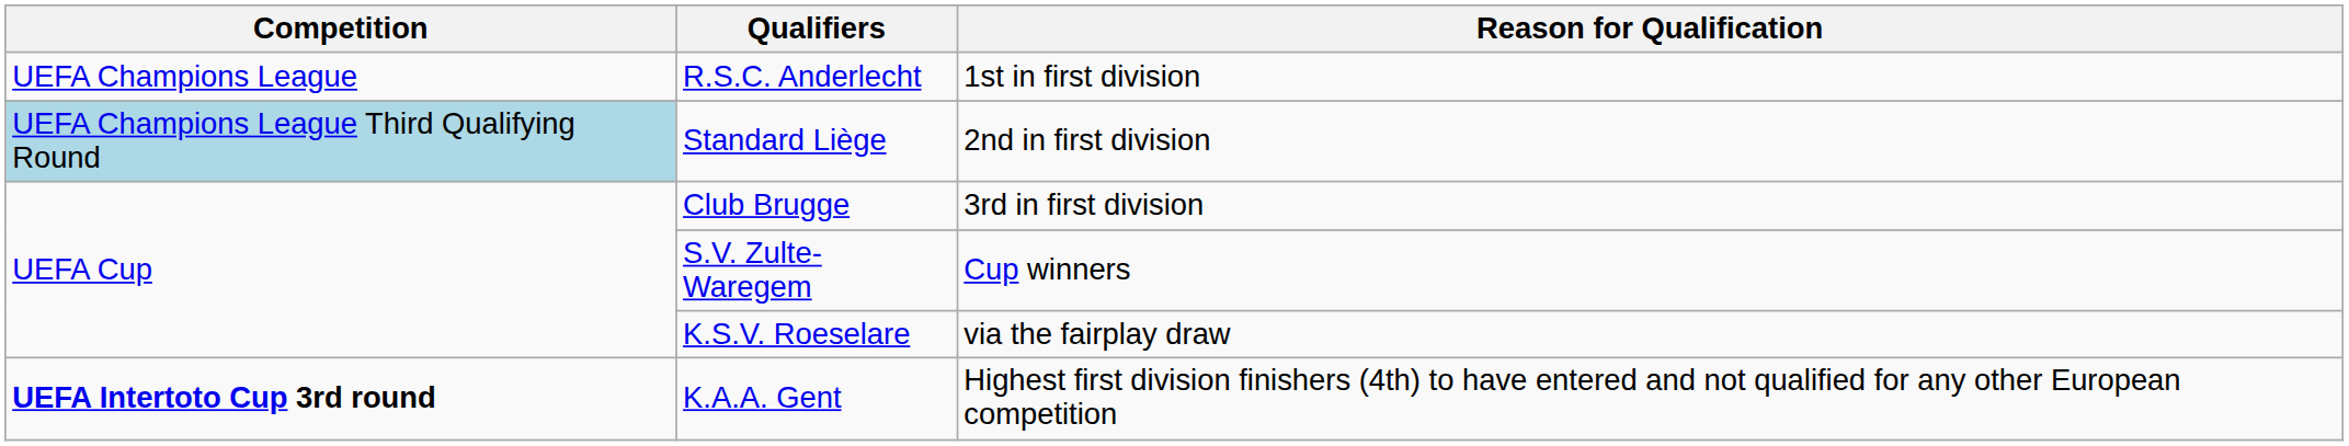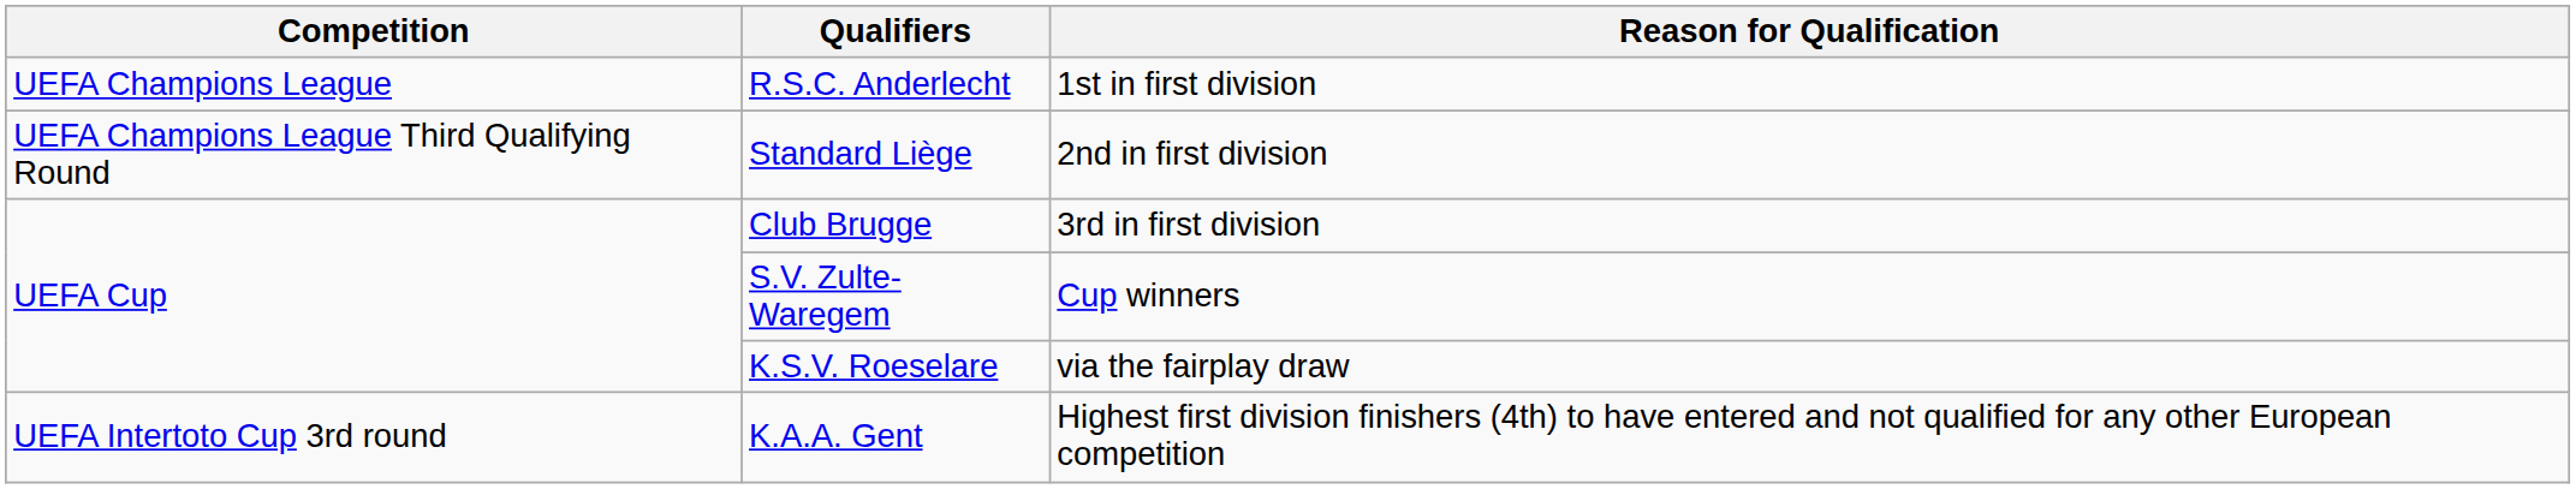 <table class="wikitable">
 <tr>
 <th>Competition</th>
 <th>Qualifiers</th>
 <th>Reason for Qualification</th>
 </tr>
 <tr>
 <td><a href='#'>UEFA Champions League</a></td>
 <td><a href='#'>R.S.C. Anderlecht</a></td>
 <td>1st in first division</td>
 </tr>
 <tr>
-<td style="background: lightblue;"><a href='#'>UEFA Champions League</a> Third Qualifying Round</td>
+<td><a href='#'>UEFA Champions League</a> Third Qualifying Round</td>
 <td><a href='#'>Standard Liège</a></td>
 <td>2nd in first division</td>
 </tr>
 <tr>
 <td rowspan="3"><a href='#'>UEFA Cup</a></td>
 <td><a href='#'>Club Brugge</a></td>
 <td>3rd in first division</td>
 </tr>
 <tr>
 <td><a href='#'>S.V. Zulte-Waregem</a></td>
 <td><a href='#'>Cup</a> winners</td>
 </tr>
 <tr>
 <td><a href='#'>K.S.V. Roeselare</a></td>
 <td>via the fairplay draw</td>
 </tr>
 <tr>
-<td><strong><a href='#'>UEFA Intertoto Cup</a> 3rd round</strong></td>
+<td><a href='#'>UEFA Intertoto Cup</a> 3rd round</td>
 <td><a href='#'>K.A.A. Gent</a></td>
 <td>Highest first division finishers (4th) to have entered and not qualified for any other European competition</td>
 </tr>
 </table>
